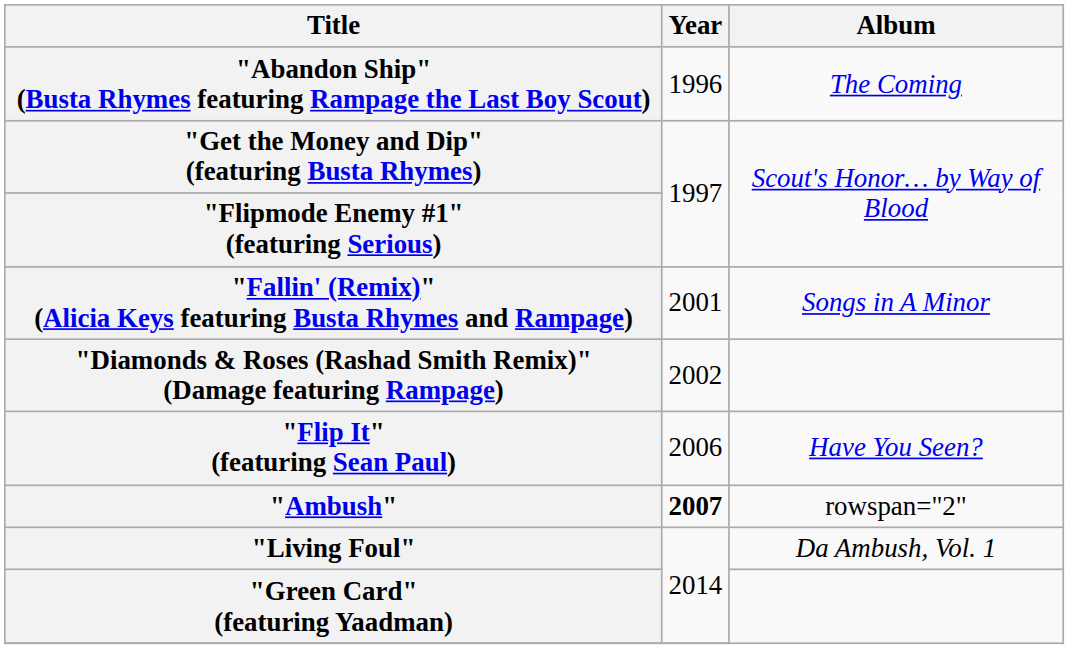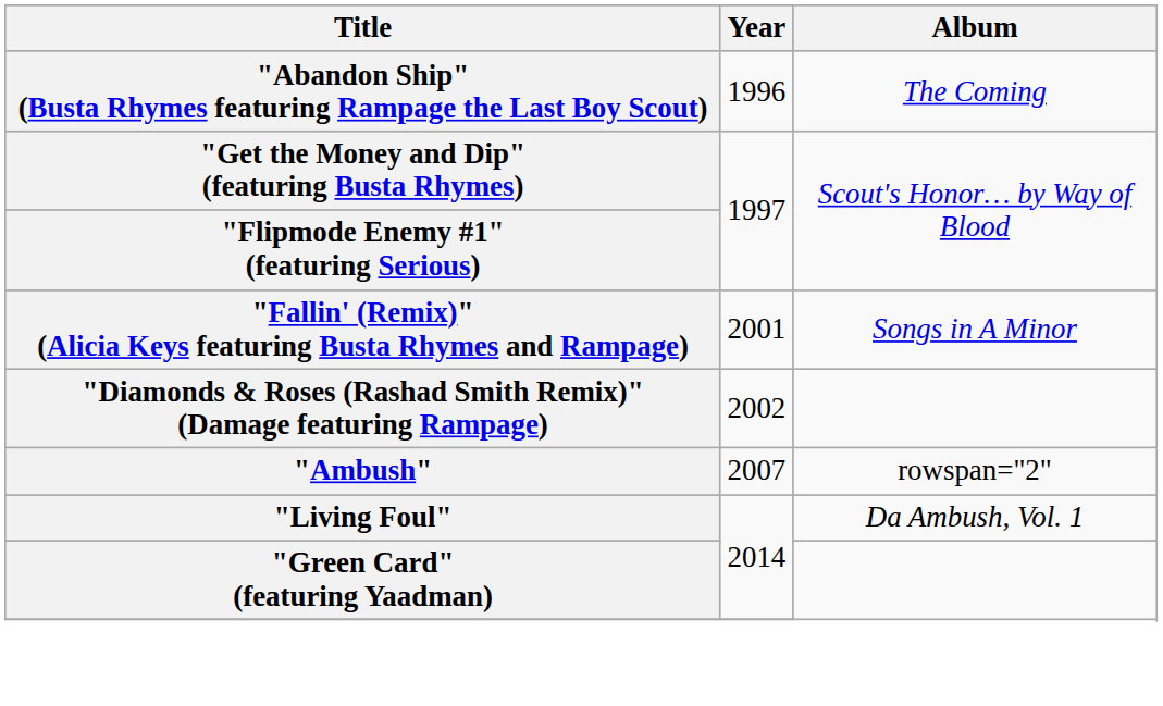 <table class="wikitable plainrowheaders" style="text-align:center;">
 <tr>
 <th scope="col" rowspan="1" style="width:24em;">Title</th>
 <th scope="col" rowspan="1">Year</th>
 <th scope="col" rowspan="1" style="width:12em;">Album</th>
 </tr>
 <tr>
 <th scope="row">"Abandon Ship"<br><span>(<a href='#'>Busta Rhymes</a> featuring <a href='#'>Rampage the Last Boy Scout</a>)</span></th>
 <td>1996</td>
 <td><em><a href='#'>The Coming</a></em></td>
 </tr>
 <tr>
 <th scope="row">"Get the Money and Dip"<br><span>(featuring <a href='#'>Busta Rhymes</a>)</span></th>
 <td rowspan="2">1997</td>
 <td rowspan="2"><em><a href='#'>Scout's Honor… by Way of Blood</a></em></td>
 </tr>
 <tr>
 <th scope="row">"Flipmode Enemy #1"<br><span>(featuring <a href='#'>Serious</a>)</span></th>
 </tr>
 <tr>
 <th scope="row">"<a href='#'>Fallin' (Remix)</a>"<br><span>(<a href='#'>Alicia Keys</a> featuring <a href='#'>Busta Rhymes</a> and <a href='#'>Rampage</a>)</span></th>
 <td>2001</td>
 <td><em><a href='#'>Songs in A Minor</a></em></td>
 </tr>
 <tr>
 <th scope="row">"Diamonds & Roses (Rashad Smith Remix)"<br><span>(Damage featuring <a href='#'>Rampage</a>)</span></th>
 <td>2002</td>
 <td></td>
 </tr>
 <tr>
-<th scope="row">"<a href='#'>Flip It</a>"<br><span>(featuring <a href='#'>Sean Paul</a>)</span></th>
-<td>2006</td>
-<td><em><a href='#'>Have You Seen?</a></em></td>
-</tr>
-<tr>
 <th scope="row">"<a href='#'>Ambush</a>"</th>
-<td><strong>2007</strong></td>
+<td>2007</td>
 <td>rowspan="2" </td>
 </tr>
 <tr>
 <th scope="row">"Living Foul"</th>
 <td rowspan="2">2014</td>
 <td><em>Da Ambush, Vol. 1</em></td>
 </tr>
 <tr>
 <th scope="row">"Green Card"<br><span>(featuring Yaadman)</span></th>
 </tr>
 <tr>
 </tr>
 </table>
